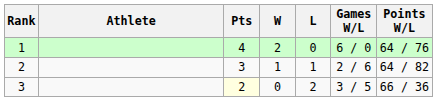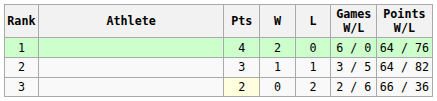 <table class="wikitable" style="text-align: center; font-size:90% ">
 <tr>
 <th width="20">Rank</th>
 <th width="180">Athlete</th>
 <th width="30">Pts</th>
 <th width="30">W</th>
 <th width="30">L</th>
 <th width="40">Games<br>W/L</th>
 <th width="50">Points<br>W/L</th>
 </tr>
 <tr bgcolor=#ccffcc>
 <td>1</td>
 <td align=left></td>
 <td>4</td>
 <td>2</td>
 <td>0</td>
 <td>6 / 0</td>
 <td>64 / 76</td>
 </tr>
 <tr>
 <td>2</td>
 <td align=left></td>
 <td>3</td>
 <td>1</td>
 <td>1</td>
-<td>2 / 6</td>
+<td>3 / 5</td>
 <td>64 / 82</td>
 </tr>
 <tr>
 <td>3</td>
 <td align=left></td>
 <td style="background: lightyellow;">2</td>
 <td>0</td>
 <td>2</td>
-<td>3 / 5</td>
+<td>2 / 6</td>
 <td>66 / 36</td>
 </tr>
 </table>
